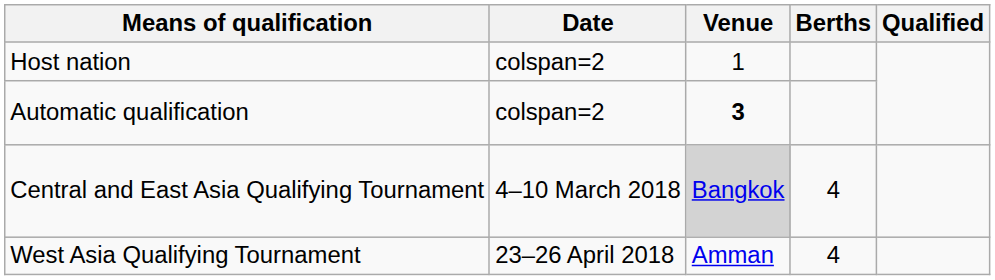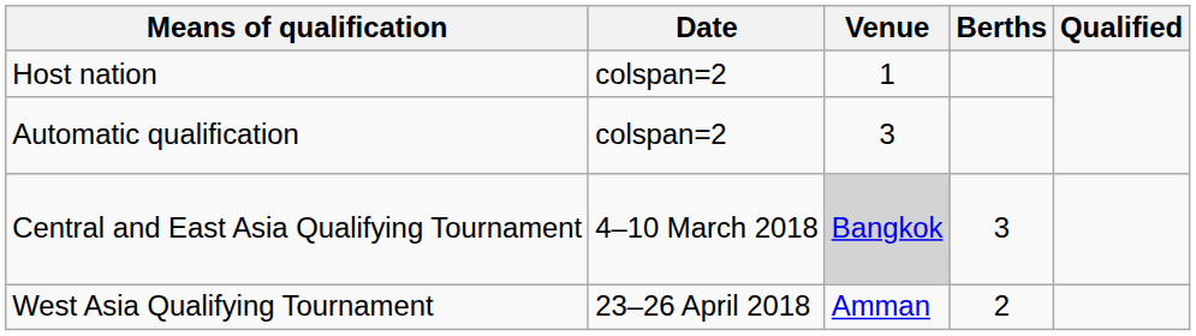 <table class="wikitable">
 <tr>
 <th>Means of qualification</th>
 <th>Date</th>
 <th>Venue</th>
 <th>Berths</th>
 <th>Qualified</th>
 </tr>
 <tr>
 <td>Host nation</td>
 <td>colspan=2 </td>
 <td style="text-align:center;">1</td>
 <td></td>
 </tr>
 <tr>
 <td>Automatic qualification</td>
 <td>colspan=2 </td>
-<td style="text-align:center;"><strong>3</strong></td>
+<td style="text-align:center;">3</td>
 <td><br><br></td>
 </tr>
 <tr>
 <td>Central and East Asia Qualifying Tournament</td>
 <td>4–10 March 2018</td>
 <td style="background: lightgrey;"> <a href='#'>Bangkok</a></td>
-<td style="text-align:center;">4</td>
+<td style="text-align:center;">3</td>
 <td><br><br><br></td>
 </tr>
 <tr>
 <td>West Asia Qualifying Tournament</td>
 <td>23–26 April 2018</td>
 <td> <a href='#'>Amman</a></td>
-<td style="text-align:center;">4</td>
+<td style="text-align:center;">2</td>
 <td><br></td>
 </tr>
 </table>
